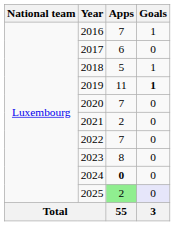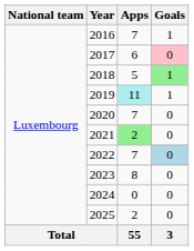 <table class="wikitable" style="text-align:center">
 <tr>
 <th>National team</th>
 <th>Year</th>
 <th>Apps</th>
 <th>Goals</th>
 </tr>
 <tr>
 <td rowspan="10"><a href='#'>Luxembourg</a></td>
 <td>2016</td>
 <td>7</td>
 <td>1</td>
 </tr>
 <tr>
 <td>2017</td>
 <td>6</td>
-<td>0</td>
+<td style="background: pink;">0</td>
 </tr>
 <tr>
 <td>2018</td>
 <td>5</td>
-<td>1</td>
+<td style="background: lightgreen;">1</td>
 </tr>
 <tr>
 <td>2019</td>
-<td>11</td>
-<td><strong>1</strong></td>
+<td style="background: paleturquoise;">11</td>
+<td>1</td>
 </tr>
 <tr>
 <td>2020</td>
 <td>7</td>
 <td>0</td>
 </tr>
 <tr>
 <td>2021</td>
-<td>2</td>
+<td style="background: lightgreen;">2</td>
 <td>0</td>
 </tr>
 <tr>
 <td>2022</td>
 <td>7</td>
-<td>0</td>
+<td style="background: lightblue;">0</td>
 </tr>
 <tr>
 <td>2023</td>
 <td>8</td>
 <td>0</td>
 </tr>
 <tr>
 <td>2024</td>
-<td><strong>0</strong></td>
+<td>0</td>
 <td>0</td>
 </tr>
 <tr>
 <td>2025</td>
-<td style="background: lightgreen;">2</td>
-<td style="background: lavender;">0</td>
+<td>2</td>
+<td>0</td>
 </tr>
 <tr>
 <th colspan="2">Total</th>
 <th>55</th>
 <th>3</th>
 </tr>
 </table>
